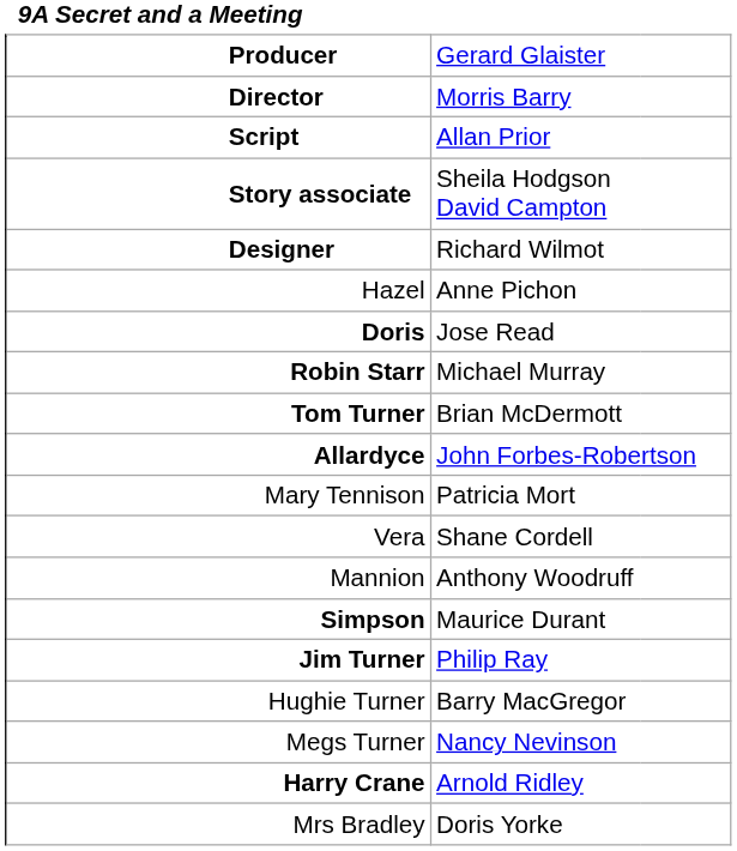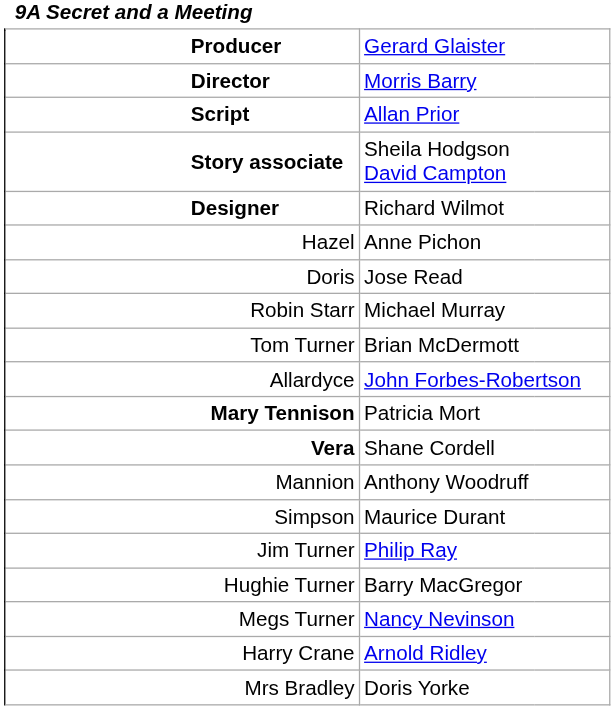 <table class="wikitable mw-collapsible mw-collapsed" style="vertical-align:top;margin:auto 2em;line-height:1.2;min-width:33em;display: inline-table;background-color:inherit;border:none;">
 <tr>
 <td class=unsortable style="border:hidden;line-height:1.67;text-align:center;margin-left:-1em;padding-left:0.5em;min-width:1.0em;"></td>
 <td class=unsortable style="border:none;padding-left:0.5em;text-align:left;min-width:16.5em;font-weight:700;font-style:italic;">9A Secret and a Meeting</td>
 <td class=unsortable style="border:none;text-align:right;font-weight:normal;font-family:Courier;font-size:95%;letter-spacing:-1pt;min-width:8.5em;padding-right:0.2em;"></td>
 <td class=unsortable style="border:hidden;min-width:3.5em;padding-left:0;"></td>
 <td class=unsortable style="border:hidden;min-width:3.5em;font-size:95%;"></td>
 </tr>
 <tr>
 <td rowspan=100 style="border:none thin;border-right-style :solid;"></td>
 </tr>
 <tr>
 <td style="text-align:left;padding-left:9.0em;font-weight:bold;">Producer</td>
 <td colspan=2><a href='#'>Gerard Glaister</a></td>
 </tr>
 <tr>
 <td style="text-align:left;padding-left:9.0em;font-weight:bold;">Director</td>
 <td colspan=2><a href='#'>Morris Barry</a></td>
 </tr>
 <tr>
 <td style="text-align:left;padding-left:9.0em;font-weight:bold;">Script</td>
 <td colspan=2><a href='#'>Allan Prior</a></td>
 </tr>
 <tr>
 <td style="text-align:left;padding-left:9.0em;font-weight:bold;">Story associate</td>
 <td colspan=2>Sheila Hodgson<br><a href='#'>David Campton</a></td>
 </tr>
 <tr>
 <td style="text-align:left;padding-left:9.0em;font-weight:bold;">Designer</td>
 <td colspan=2>Richard Wilmot</td>
 </tr>
 <tr>
 <td style="text-align:right;">Hazel</td>
 <td colspan=2>Anne Pichon</td>
 </tr>
 <tr>
-<td style="text-align:right;"><strong>Doris</strong></td>
+<td style="text-align:right;">Doris</td>
 <td colspan=2>Jose Read</td>
 </tr>
 <tr>
-<td style="text-align:right;"><strong>Robin Starr</strong></td>
+<td style="text-align:right;">Robin Starr</td>
 <td colspan=2>Michael Murray</td>
 </tr>
 <tr>
-<td style="text-align:right;"><strong>Tom Turner</strong></td>
+<td style="text-align:right;">Tom Turner</td>
 <td colspan=2>Brian McDermott</td>
 </tr>
 <tr>
-<td style="text-align:right;"><strong>Allardyce</strong></td>
+<td style="text-align:right;">Allardyce</td>
 <td colspan=2><a href='#'>John Forbes-Robertson</a></td>
 </tr>
 <tr>
-<td style="text-align:right;">Mary Tennison</td>
+<td style="text-align:right;"><strong>Mary Tennison</strong></td>
 <td colspan=2>Patricia Mort</td>
 </tr>
 <tr>
-<td style="text-align:right;">Vera</td>
+<td style="text-align:right;"><strong>Vera</strong></td>
 <td colspan=2>Shane Cordell</td>
 </tr>
 <tr>
 <td style="text-align:right;">Mannion</td>
 <td colspan=2>Anthony Woodruff</td>
 </tr>
 <tr>
-<td style="text-align:right;"><strong>Simpson</strong></td>
+<td style="text-align:right;">Simpson</td>
 <td colspan=2>Maurice Durant</td>
 </tr>
 <tr>
-<td style="text-align:right;"><strong>Jim Turner</strong></td>
+<td style="text-align:right;">Jim Turner</td>
 <td colspan=2><a href='#'>Philip Ray</a></td>
 </tr>
 <tr>
 <td style="text-align:right;">Hughie Turner</td>
 <td colspan=2>Barry MacGregor</td>
 </tr>
 <tr>
 <td style="text-align:right;">Megs Turner</td>
 <td colspan=2><a href='#'>Nancy Nevinson</a></td>
 </tr>
 <tr>
-<td style="text-align:right;"><strong>Harry Crane</strong></td>
+<td style="text-align:right;">Harry Crane</td>
 <td colspan=2><a href='#'>Arnold Ridley</a></td>
 </tr>
 <tr>
 <td style="text-align:right;">Mrs Bradley</td>
 <td colspan=2>Doris Yorke</td>
 </tr>
 </table>
